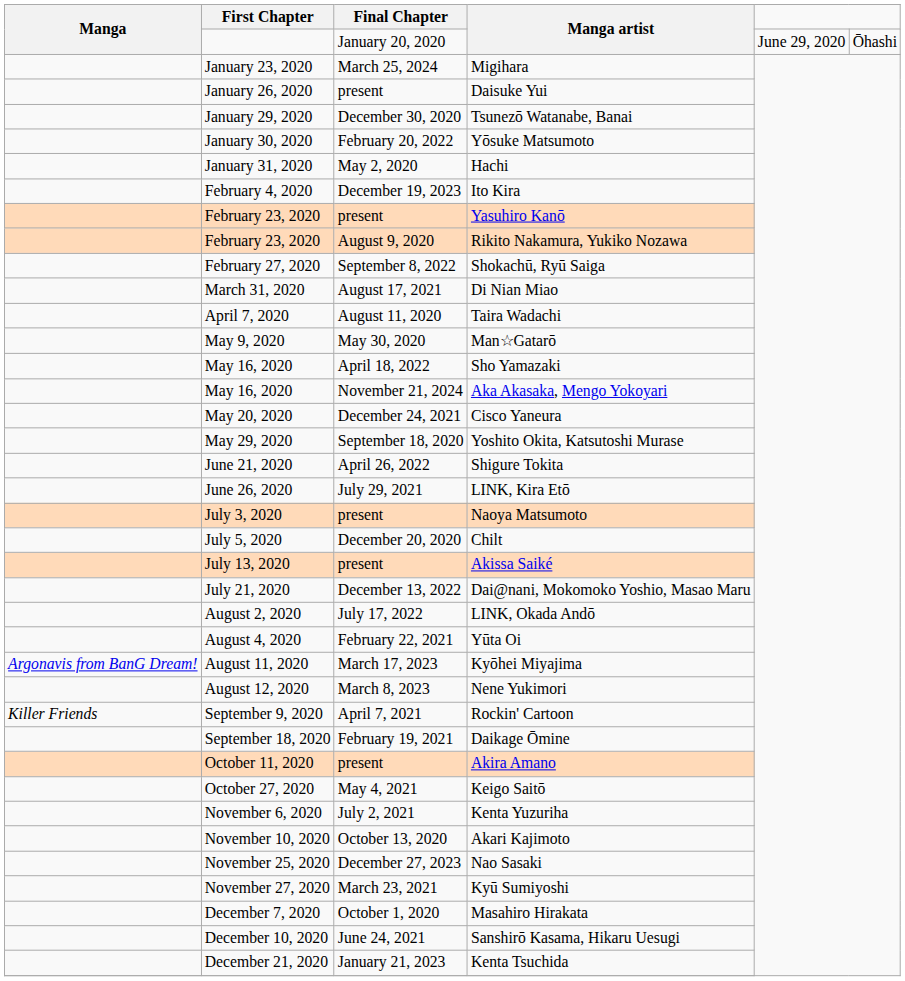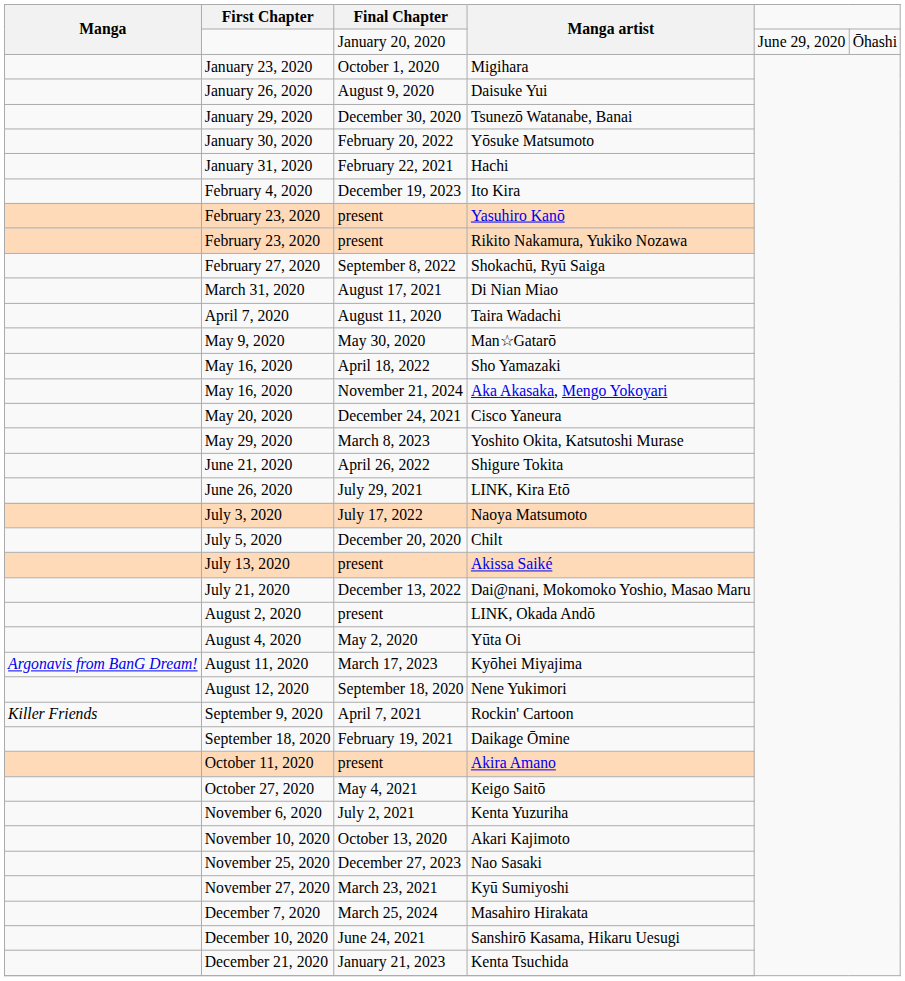 <table class="wikitable sortable">
 <tr>
 <th rowspan="2" scope="col">Manga</th>
 <th colspan="1" scope="col">First Chapter</th>
 <th colspan="1" scope="col">Final Chapter</th>
 <th rowspan="2" scope="col">Manga artist</th>
 </tr>
 <tr>
 <td></td>
 <td>January 20, 2020</td>
 <td>June 29, 2020</td>
 <td>Ōhashi</td>
 </tr>
 <tr>
 <td></td>
 <td>January 23, 2020</td>
-<td>March 25, 2024</td>
+<td>October 1, 2020</td>
 <td>Migihara</td>
 </tr>
 <tr>
 <td></td>
 <td>January 26, 2020</td>
-<td>present</td>
+<td>August 9, 2020</td>
 <td>Daisuke Yui</td>
 </tr>
 <tr>
 <td></td>
 <td>January 29, 2020</td>
 <td>December 30, 2020</td>
 <td>Tsunezō Watanabe, Banai</td>
 </tr>
 <tr>
 <td></td>
 <td>January 30, 2020</td>
 <td>February 20, 2022</td>
 <td>Yōsuke Matsumoto</td>
 </tr>
 <tr>
 <td></td>
 <td>January 31, 2020</td>
-<td>May 2, 2020</td>
+<td>February 22, 2021</td>
 <td>Hachi</td>
 </tr>
 <tr>
 <td></td>
 <td>February 4, 2020</td>
 <td>December 19, 2023</td>
 <td>Ito Kira</td>
 </tr>
 <tr style="background-color:#FFDAB9;">
 <td></td>
 <td>February 23, 2020</td>
 <td>present</td>
 <td><a href='#'>Yasuhiro Kanō</a></td>
 </tr>
 <tr style="background-color:#FFDAB9;">
 <td></td>
 <td>February 23, 2020</td>
-<td>August 9, 2020</td>
+<td>present</td>
 <td>Rikito Nakamura, Yukiko Nozawa</td>
 </tr>
 <tr>
 <td></td>
 <td>February 27, 2020</td>
 <td>September 8, 2022</td>
 <td>Shokachū, Ryū Saiga</td>
 </tr>
 <tr>
 <td></td>
 <td>March 31, 2020</td>
 <td>August 17, 2021</td>
 <td>Di Nian Miao</td>
 </tr>
 <tr>
 <td></td>
 <td>April 7, 2020</td>
 <td>August 11, 2020</td>
 <td>Taira Wadachi</td>
 </tr>
 <tr>
 <td></td>
 <td>May 9, 2020</td>
 <td>May 30, 2020</td>
 <td>Man☆Gatarō</td>
 </tr>
 <tr>
 <td></td>
 <td>May 16, 2020</td>
 <td>April 18, 2022</td>
 <td>Sho Yamazaki</td>
 </tr>
 <tr>
 <td></td>
 <td>May 16, 2020</td>
 <td>November 21, 2024</td>
 <td><a href='#'>Aka Akasaka</a>, <a href='#'>Mengo Yokoyari</a></td>
 </tr>
 <tr>
 <td></td>
 <td>May 20, 2020</td>
 <td>December 24, 2021</td>
 <td>Cisco Yaneura</td>
 </tr>
 <tr>
 <td></td>
 <td>May 29, 2020</td>
-<td>September 18, 2020</td>
+<td>March 8, 2023</td>
 <td>Yoshito Okita, Katsutoshi Murase</td>
 </tr>
 <tr>
 <td></td>
 <td>June 21, 2020</td>
 <td>April 26, 2022</td>
 <td>Shigure Tokita</td>
 </tr>
 <tr>
 <td></td>
 <td>June 26, 2020</td>
 <td>July 29, 2021</td>
 <td>LINK, Kira Etō</td>
 </tr>
 <tr style="background-color:#FFDAB9;">
 <td></td>
 <td>July 3, 2020</td>
-<td>present</td>
+<td>July 17, 2022</td>
 <td>Naoya Matsumoto</td>
 </tr>
 <tr>
 <td></td>
 <td>July 5, 2020</td>
 <td>December 20, 2020</td>
 <td>Chilt</td>
 </tr>
 <tr style="background-color:#FFDAB9;">
 <td></td>
 <td>July 13, 2020</td>
 <td>present</td>
 <td><a href='#'>Akissa Saiké</a></td>
 </tr>
 <tr>
 <td></td>
 <td>July 21, 2020</td>
 <td>December 13, 2022</td>
 <td>Dai@nani, Mokomoko Yoshio, Masao Maru</td>
 </tr>
 <tr>
 <td></td>
 <td>August 2, 2020</td>
-<td>July 17, 2022</td>
+<td>present</td>
 <td>LINK, Okada Andō</td>
 </tr>
 <tr>
 <td></td>
 <td>August 4, 2020</td>
-<td>February 22, 2021</td>
+<td>May 2, 2020</td>
 <td>Yūta Oi</td>
 </tr>
 <tr>
 <td><em><a href='#'>Argonavis from BanG Dream!</a></em></td>
 <td>August 11, 2020</td>
 <td>March 17, 2023</td>
 <td>Kyōhei Miyajima</td>
 </tr>
 <tr>
 <td></td>
 <td>August 12, 2020</td>
-<td>March 8, 2023</td>
+<td>September 18, 2020</td>
 <td>Nene Yukimori</td>
 </tr>
 <tr>
 <td><em>Killer Friends</em></td>
 <td>September 9, 2020</td>
 <td>April 7, 2021</td>
 <td>Rockin' Cartoon</td>
 </tr>
 <tr>
 <td></td>
 <td>September 18, 2020</td>
 <td>February 19, 2021</td>
 <td>Daikage Ōmine</td>
 </tr>
 <tr style="background-color:#FFDAB9;">
 <td></td>
 <td>October 11, 2020</td>
 <td>present</td>
 <td><a href='#'>Akira Amano</a></td>
 </tr>
 <tr>
 <td></td>
 <td>October 27, 2020</td>
 <td>May 4, 2021</td>
 <td>Keigo Saitō</td>
 </tr>
 <tr>
 <td></td>
 <td>November 6, 2020</td>
 <td>July 2, 2021</td>
 <td>Kenta Yuzuriha</td>
 </tr>
 <tr>
 <td></td>
 <td>November 10, 2020</td>
 <td>October 13, 2020</td>
 <td>Akari Kajimoto</td>
 </tr>
 <tr>
 <td></td>
 <td>November 25, 2020</td>
 <td>December 27, 2023</td>
 <td>Nao Sasaki</td>
 </tr>
 <tr>
 <td></td>
 <td>November 27, 2020</td>
 <td>March 23, 2021</td>
 <td>Kyū Sumiyoshi</td>
 </tr>
 <tr>
 <td></td>
 <td>December 7, 2020</td>
-<td>October 1, 2020</td>
+<td>March 25, 2024</td>
 <td>Masahiro Hirakata</td>
 </tr>
 <tr>
 <td></td>
 <td>December 10, 2020</td>
 <td>June 24, 2021</td>
 <td>Sanshirō Kasama, Hikaru Uesugi</td>
 </tr>
 <tr>
 <td></td>
 <td>December 21, 2020</td>
 <td>January 21, 2023</td>
 <td>Kenta Tsuchida</td>
 </tr>
 <tr>
 </tr>
 </table>
